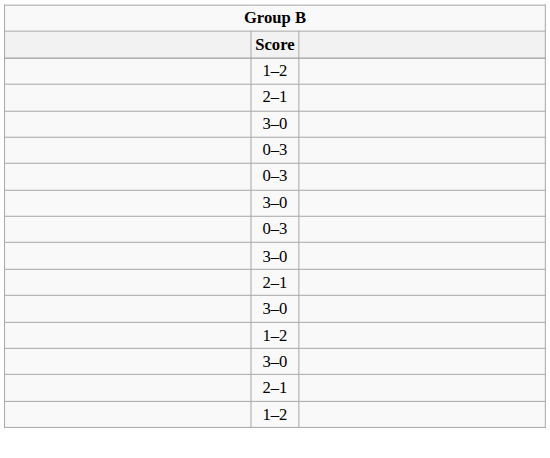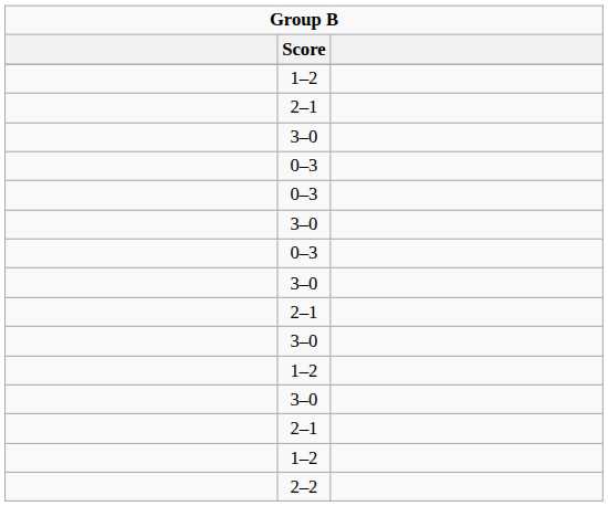 <table class="wikitable" style="text-align: center; display: inline-table;">
 <tr>
 <td colspan="3"><strong>Group B</strong></td>
 </tr>
 <tr>
 <th scope="col" style="width: 230px;"></th>
 <th scope="col" style="width: 30px;">Score</th>
 <th scope="col" style="width: 230px;"></th>
 </tr>
 <tr>
 </tr>
 <tr>
 <td></td>
 <td>1–2</td>
 <td></td>
 </tr>
 <tr>
 <td></td>
 <td>2–1</td>
 <td></td>
 </tr>
 <tr>
 <td></td>
 <td>3–0</td>
 <td></td>
 </tr>
 <tr>
 <td></td>
 <td>0–3</td>
 <td></td>
 </tr>
 <tr>
 <td></td>
 <td>0–3</td>
 <td></td>
 </tr>
 <tr>
 <td></td>
 <td>3–0</td>
 <td></td>
 </tr>
 <tr>
 <td></td>
 <td>0–3</td>
 <td></td>
 </tr>
 <tr>
 <td></td>
 <td>3–0</td>
 <td></td>
 </tr>
 <tr>
 <td></td>
 <td>2–1</td>
 <td></td>
 </tr>
 <tr>
 <td></td>
 <td>3–0</td>
 <td></td>
 </tr>
 <tr>
 <td></td>
 <td>1–2</td>
 <td></td>
 </tr>
 <tr>
 <td></td>
 <td>3–0</td>
 <td></td>
 </tr>
 <tr>
 <td></td>
 <td>2–1</td>
 <td></td>
 </tr>
 <tr>
 <td></td>
 <td>1–2</td>
 <td></td>
 </tr>
+<tr>
+<td></td>
+<td>2–2</td>
+<td></td>
+</tr>
 </table>
